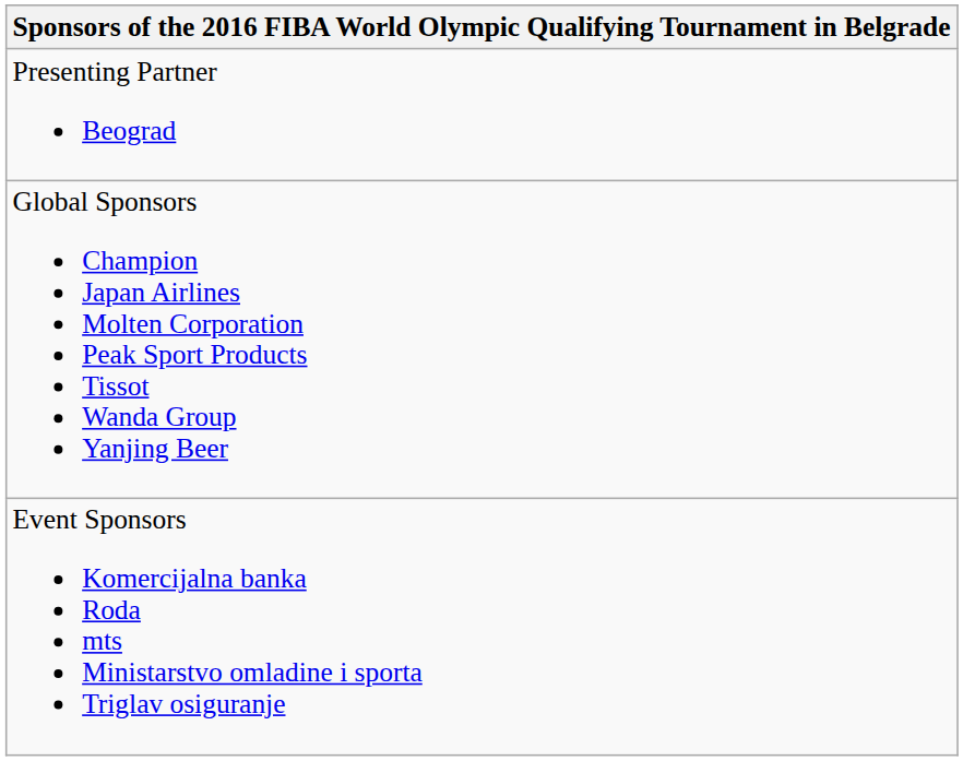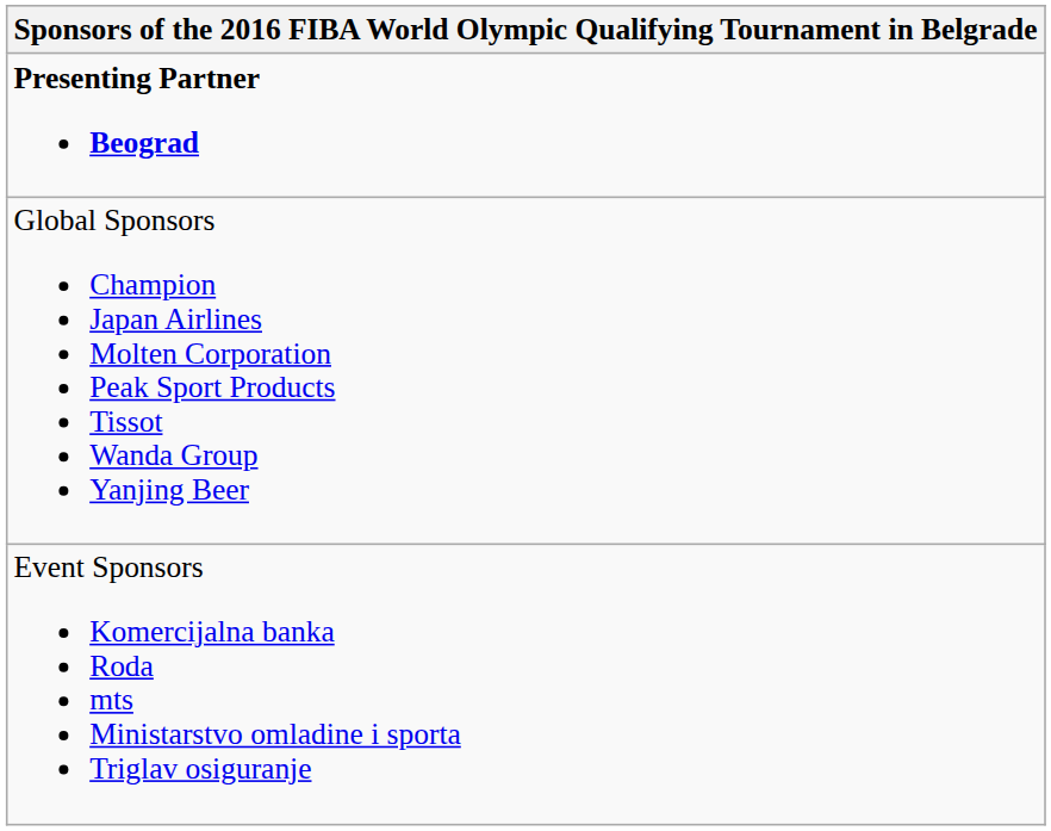 <table class="wikitable collapsible " style="float:center; margin:10px;">
 <tr>
 <th>Sponsors of the 2016 FIBA World Olympic Qualifying Tournament in Belgrade</th>
 </tr>
 <tr>
-<td>Presenting Partner<br><ul><li><a href='#'>Beograd</a></li></ul></td>
+<td><strong>Presenting Partner<br><ul><li><a href='#'>Beograd</a></li></ul></strong></td>
 </tr>
 <tr>
 <td>Global Sponsors<br><ul><li><a href='#'>Champion</a></li><li><a href='#'>Japan Airlines</a></li><li><a href='#'>Molten Corporation</a></li><li><a href='#'>Peak Sport Products</a></li><li><a href='#'>Tissot</a></li><li><a href='#'>Wanda Group</a></li><li><a href='#'>Yanjing Beer</a></li></ul></td>
 </tr>
 <tr>
 <td>Event Sponsors<br><ul><li><a href='#'>Komercijalna banka</a></li><li><a href='#'>Roda</a></li><li><a href='#'>mts</a></li><li><a href='#'>Ministarstvo omladine i sporta</a></li><li><a href='#'>Triglav osiguranje</a></li></ul></td>
 </tr>
 </table>
